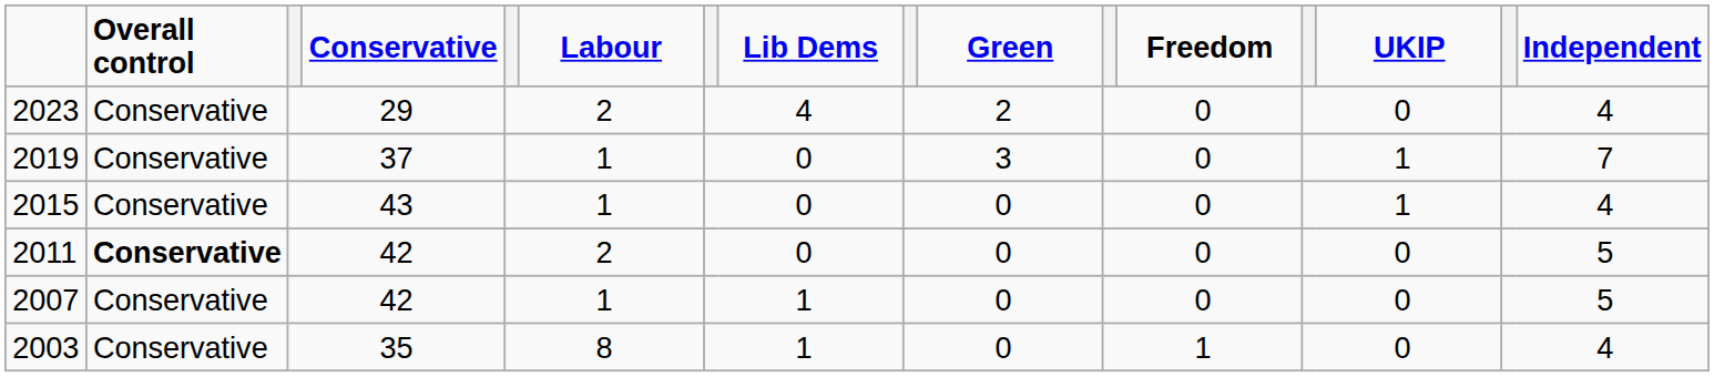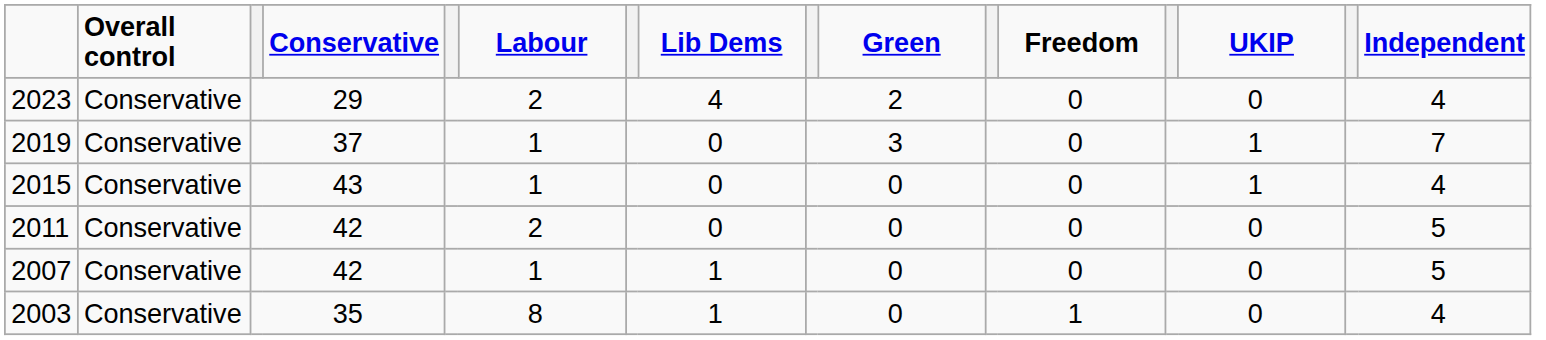 <table class="wikitable" style="text-align:left; padding-left:1em; font-size: 95%">
 <tr>
 <td width=32></td>
 <td width=90><strong>Overall control</strong></td>
 <th style="background-color: "></th>
 <td width=87 align="center"><strong><a href='#'>Conservative</a></strong></td>
 <th style="background-color: "></th>
 <td width=87 align="center"><strong><a href='#'>Labour</a></strong></td>
 <th style="background-color: "></th>
 <td width=87 align="center"><strong><a href='#'>Lib Dems</a></strong></td>
 <th style="background-color: "></th>
 <td width=87 align="center"><strong><a href='#'>Green</a></strong></td>
 <th style="background-color: "></th>
 <td width=87 align="center"><strong>Freedom</strong></td>
 <th style="background-color: "></th>
 <td width=87 align="center"><strong><a href='#'>UKIP</a></strong></td>
 <th style="background-color: "></th>
 <td width=87 align="center"><strong><a href='#'>Independent</a></strong></td>
 </tr>
 <tr>
 <td>2023</td>
 <td style="background:">Conservative</td>
 <td colspan=2 align="center">29</td>
 <td colspan=2 align="center">2</td>
 <td colspan=2 align="center">4</td>
 <td colspan=2 align="center">2</td>
 <td colspan=2 align="center">0</td>
 <td colspan=2 align="center">0</td>
 <td colspan=2 align="center">4</td>
 </tr>
 <tr>
 <td>2019</td>
 <td style="background:">Conservative</td>
 <td colspan=2 align="center">37</td>
 <td colspan=2 align="center">1</td>
 <td colspan=2 align="center">0</td>
 <td colspan=2 align="center">3</td>
 <td colspan=2 align="center">0</td>
 <td colspan=2 align="center">1</td>
 <td colspan=2 align="center">7</td>
 </tr>
 <tr>
 <td>2015</td>
 <td style="background:">Conservative</td>
 <td colspan=2 align="center">43</td>
 <td colspan=2 align="center">1</td>
 <td colspan=2 align="center">0</td>
 <td colspan=2 align="center">0</td>
 <td colspan=2 align="center">0</td>
 <td colspan=2 align="center">1</td>
 <td colspan=2 align="center">4</td>
 </tr>
 <tr>
 <td>2011</td>
-<td style="background:"><strong>Conservative</strong></td>
+<td style="background:">Conservative</td>
 <td colspan=2 align="center">42</td>
 <td colspan=2 align="center">2</td>
 <td colspan=2 align="center">0</td>
 <td colspan=2 align="center">0</td>
 <td colspan=2 align="center">0</td>
 <td colspan=2 align="center">0</td>
 <td colspan=2 align="center">5</td>
 </tr>
 <tr>
 <td>2007</td>
 <td style="background:">Conservative</td>
 <td colspan=2 align="center">42</td>
 <td colspan=2 align="center">1</td>
 <td colspan=2 align="center">1</td>
 <td colspan=2 align="center">0</td>
 <td colspan=2 align="center">0</td>
 <td colspan=2 align="center">0</td>
 <td colspan=2 align="center">5</td>
 </tr>
 <tr>
 <td>2003</td>
 <td style="background:">Conservative</td>
 <td colspan=2 align="center">35</td>
 <td colspan=2 align="center">8</td>
 <td colspan=2 align="center">1</td>
 <td colspan=2 align="center">0</td>
 <td colspan=2 align="center">1</td>
 <td colspan=2 align="center">0</td>
 <td colspan=2 align="center">4</td>
 </tr>
 </table>
